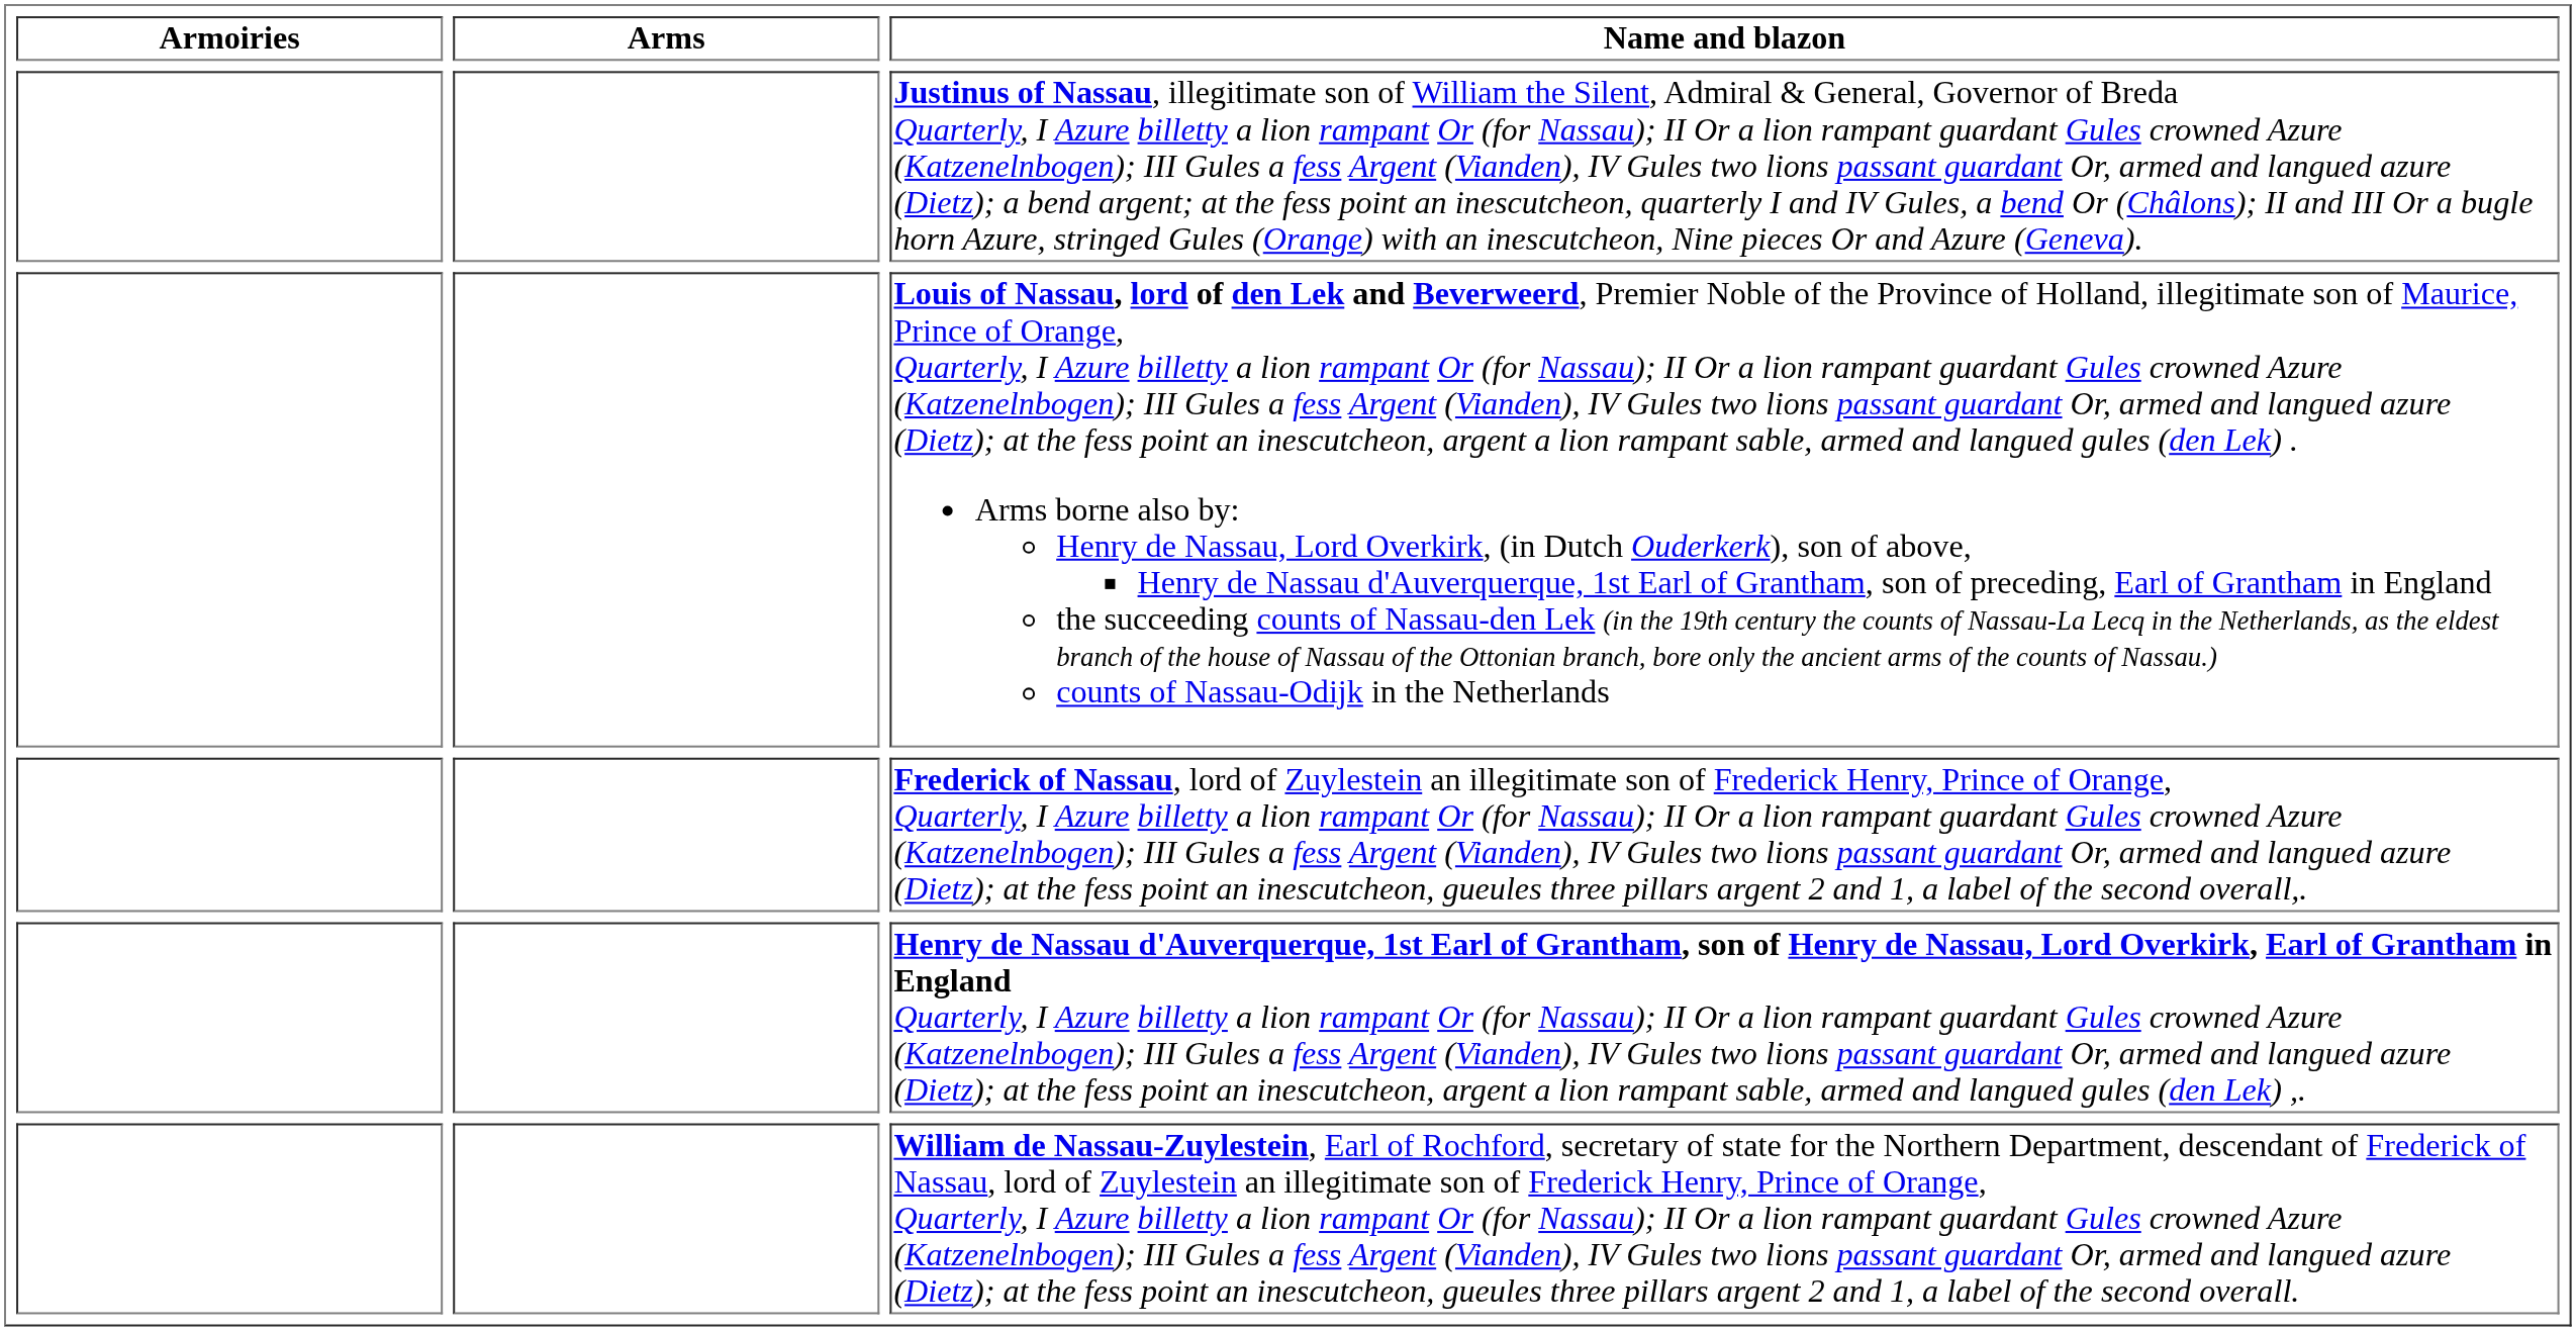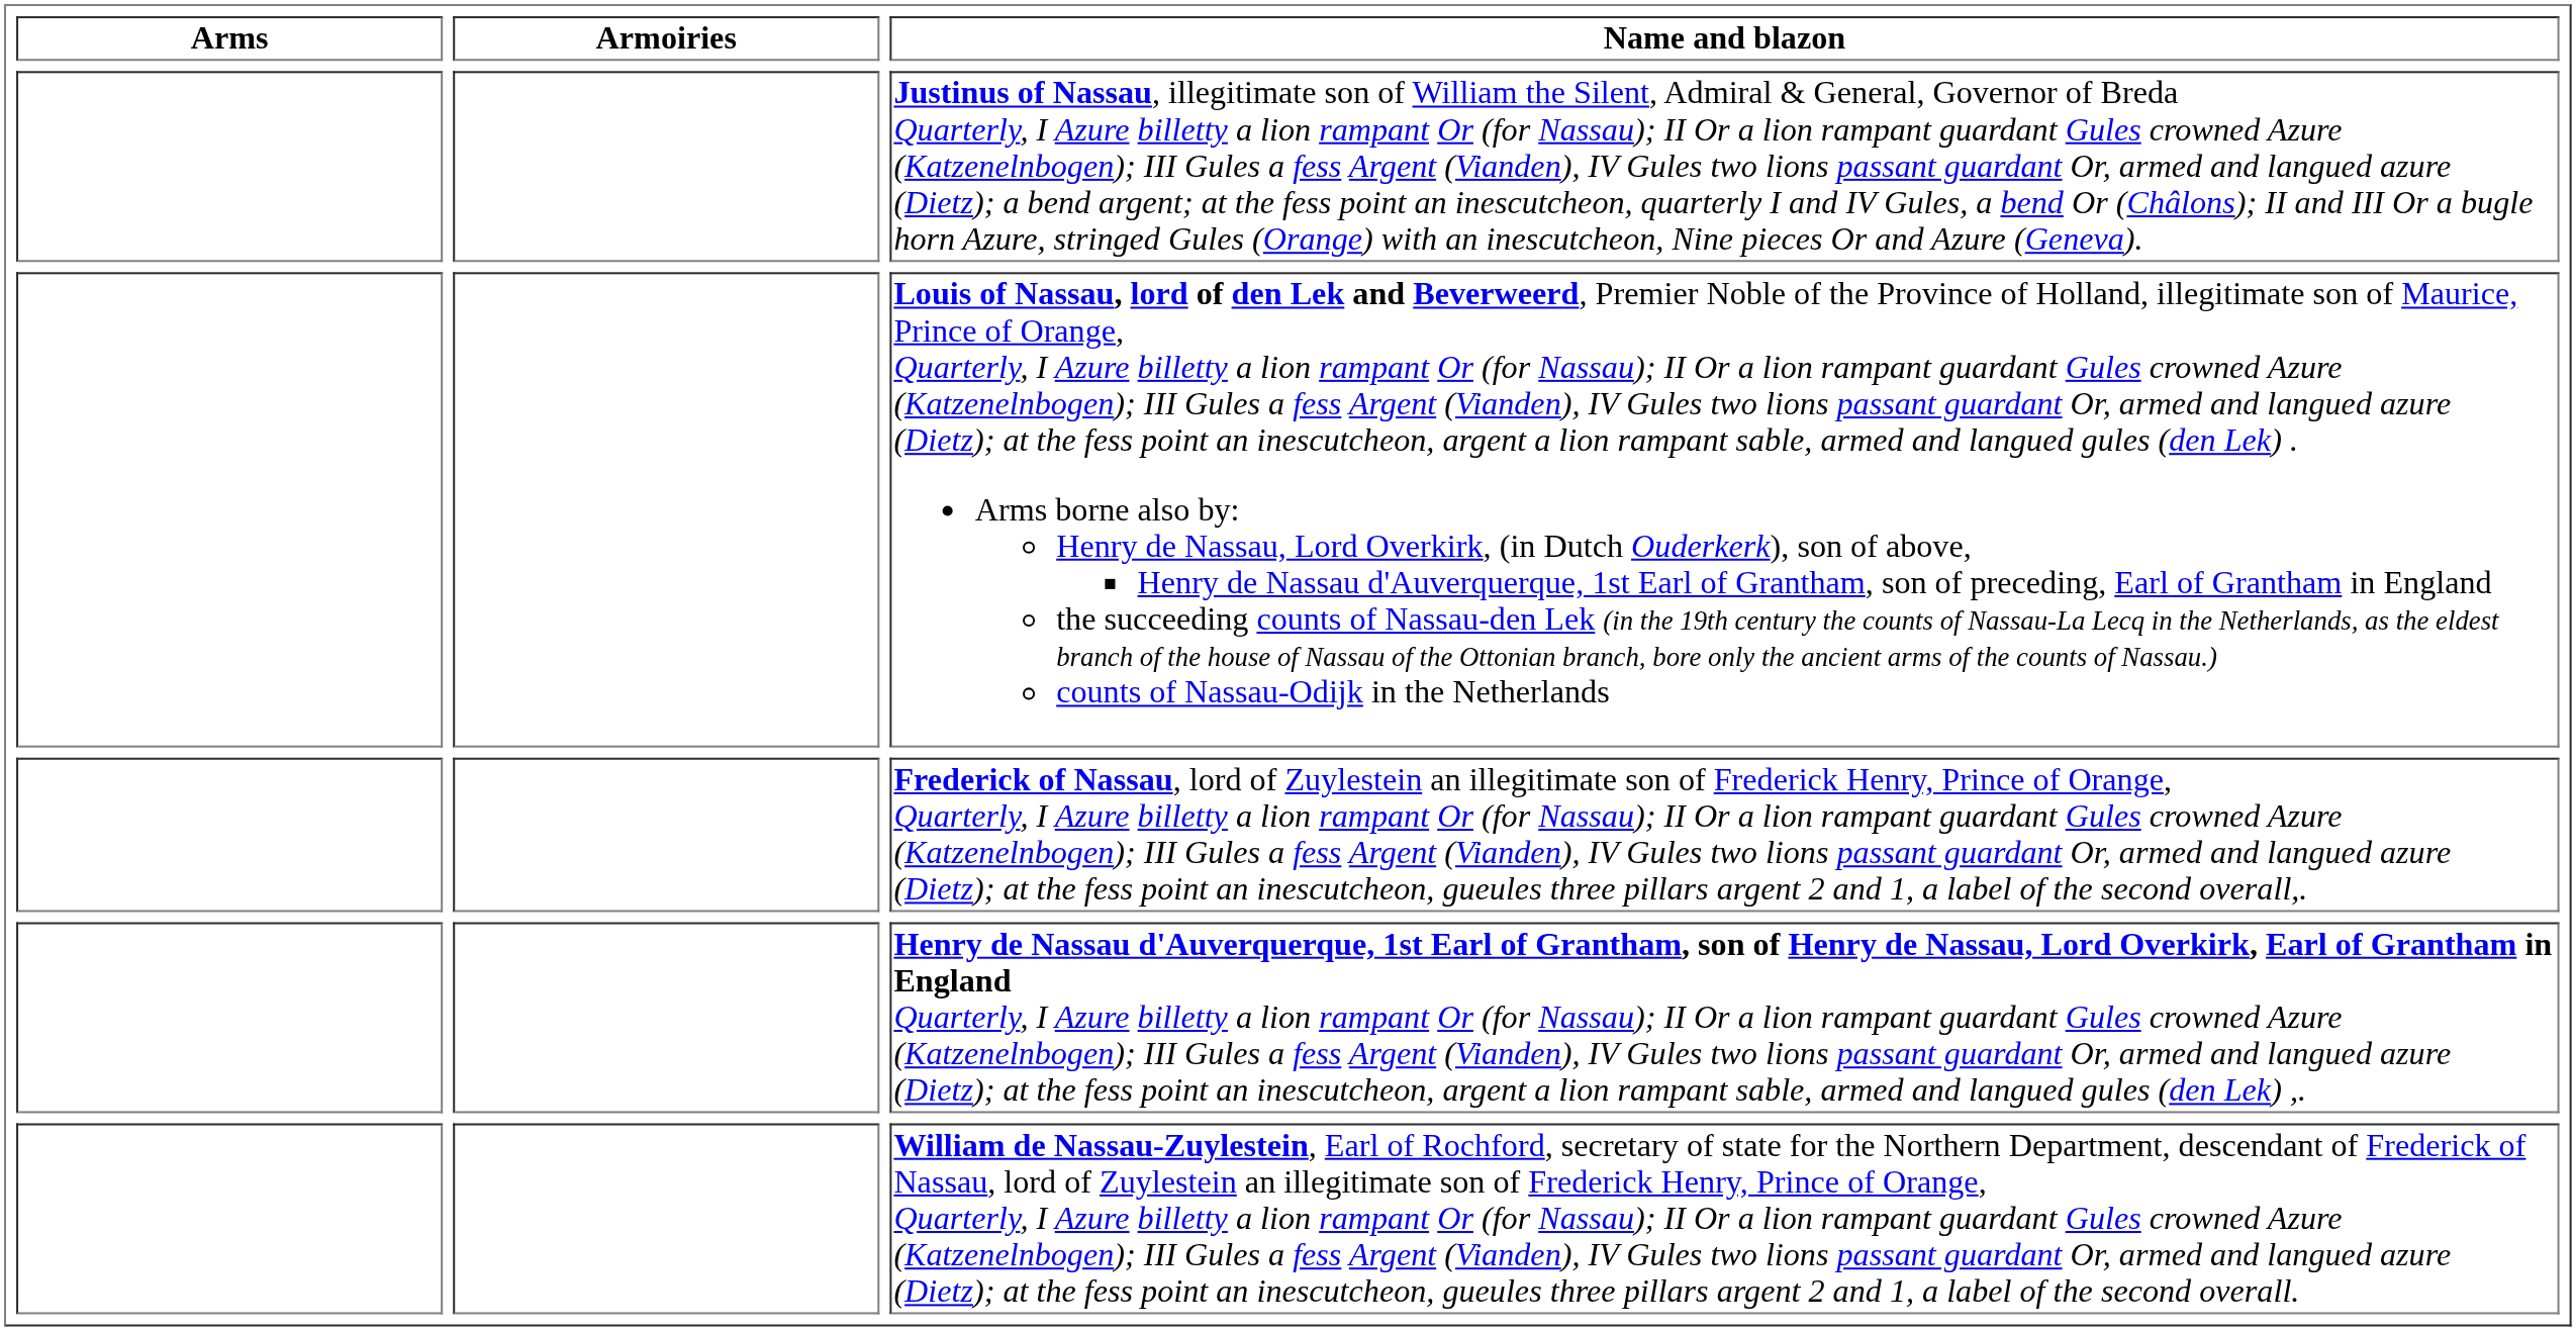 <table border=1 cellspacing=5 width="100%">
 <tr valign=top align=center>
+<td width="206"><strong>Arms</strong></td>
 <td width="206"><strong>Armoiries</strong></td>
-<td width="206"><strong>Arms</strong></td>
 <td><strong>Name and blazon</strong></td>
 </tr>
 <tr valign=top>
+<td align=center><br><br><br> </td>
 <td align=center><br><br></td>
-<td align=center><br><br><br> </td>
 <td><strong><a href='#'>Justinus of Nassau</a></strong>, illegitimate son of <a href='#'>William the Silent</a>, Admiral & General, Governor of Breda<br><em><a href='#'>Quarterly</a>, I <a href='#'>Azure</a> <a href='#'>billetty</a> a lion <a href='#'>rampant</a> <a href='#'>Or</a> (for <a href='#'>Nassau</a>); II Or a lion rampant guardant <a href='#'>Gules</a> crowned Azure (<a href='#'>Katzenelnbogen</a>); III Gules a <a href='#'>fess</a> <a href='#'>Argent</a> (<a href='#'>Vianden</a>), IV Gules two lions <a href='#'>passant guardant</a> Or, armed and langued azure (<a href='#'>Dietz</a>); a bend argent; at the fess point an inescutcheon, quarterly I and IV Gules, a <a href='#'>bend</a> Or (<a href='#'>Châlons</a>); II and III Or a bugle horn Azure, stringed Gules (<a href='#'>Orange</a>) with an inescutcheon, Nine pieces Or and Azure (<a href='#'>Geneva</a>).</em></td>
 </tr>
 <tr valign=top>
+<td align=center><br><br> </td>
 <td align=center><br><br><br></td>
-<td align=center><br><br> </td>
 <td><strong><a href='#'>Louis of Nassau</a>, <a href='#'>lord</a> of <a href='#'>den Lek</a> and <a href='#'>Beverweerd</a></strong>, Premier Noble of the Province of Holland, illegitimate son of <a href='#'>Maurice, Prince of Orange</a>,<br><em><a href='#'>Quarterly</a>, I <a href='#'>Azure</a> <a href='#'>billetty</a> a lion <a href='#'>rampant</a> <a href='#'>Or</a> (for <a href='#'>Nassau</a>); II Or a lion rampant guardant <a href='#'>Gules</a> crowned Azure (<a href='#'>Katzenelnbogen</a>); III Gules a <a href='#'>fess</a> <a href='#'>Argent</a> (<a href='#'>Vianden</a>), IV Gules two lions <a href='#'>passant guardant</a> Or, armed and langued azure (<a href='#'>Dietz</a>); at the fess point an inescutcheon, argent a lion rampant sable, armed and langued gules (<a href='#'>den Lek</a>) .</em><ul><li>Arms borne also by:<ul><li><a href='#'>Henry de Nassau, Lord Overkirk</a>, (in Dutch <em><a href='#'>Ouderkerk</a></em>), son of above,<ul><li><a href='#'>Henry de Nassau d'Auverquerque, 1st Earl of Grantham</a>, son of preceding, <a href='#'>Earl of Grantham</a> in England</li></ul></li><li>the succeeding <a href='#'>counts of Nassau-den Lek</a> <em><small>(in the 19th century the counts of Nassau-La Lecq in the Netherlands, as the eldest branch of the house of Nassau of the Ottonian branch, bore only the ancient arms of the counts of Nassau.)</small></em></li><li><a href='#'>counts of Nassau-Odijk</a> in the Netherlands</li></ul></li></ul></td>
 </tr>
 <tr valign=top>
+<td align=center><br><br></td>
 <td align=center><br> </td>
-<td align=center><br><br></td>
 <td><strong><a href='#'>Frederick of Nassau</a></strong>, lord of <a href='#'>Zuylestein</a> an illegitimate son of <a href='#'>Frederick Henry, Prince of Orange</a>,<br><em><a href='#'>Quarterly</a>, I <a href='#'>Azure</a> <a href='#'>billetty</a> a lion <a href='#'>rampant</a> <a href='#'>Or</a> (for <a href='#'>Nassau</a>); II Or a lion rampant guardant <a href='#'>Gules</a> crowned Azure (<a href='#'>Katzenelnbogen</a>); III Gules a <a href='#'>fess</a> <a href='#'>Argent</a> (<a href='#'>Vianden</a>), IV Gules two lions <a href='#'>passant guardant</a> Or, armed and langued azure (<a href='#'>Dietz</a>); at the fess point an inescutcheon, gueules three pillars argent 2 and 1, a label of the second overall,.</em>  </td>
 </tr>
 <tr valign=top>
+<td align=center><br><br> </td>
 <td align=center><br><br></td>
-<td align=center><br><br> </td>
 <td><strong><a href='#'>Henry de Nassau d'Auverquerque, 1st Earl of Grantham</a>, son of <a href='#'>Henry de Nassau, Lord Overkirk</a>, <a href='#'>Earl of Grantham</a> in England</strong><br><em><a href='#'>Quarterly</a>, I <a href='#'>Azure</a> <a href='#'>billetty</a> a lion <a href='#'>rampant</a> <a href='#'>Or</a> (for <a href='#'>Nassau</a>); II Or a lion rampant guardant <a href='#'>Gules</a> crowned Azure (<a href='#'>Katzenelnbogen</a>); III Gules a <a href='#'>fess</a> <a href='#'>Argent</a> (<a href='#'>Vianden</a>), IV Gules two lions <a href='#'>passant guardant</a> Or, armed and langued azure (<a href='#'>Dietz</a>); at the fess point an inescutcheon, argent a lion rampant sable, armed and langued gules (<a href='#'>den Lek</a>) ,.</em></td>
 </tr>
 <tr valign=top>
+<td align=center><br><br></td>
 <td align=center><br> </td>
-<td align=center><br><br></td>
 <td><strong><a href='#'>William de Nassau-Zuylestein</a></strong>, <a href='#'>Earl of Rochford</a>, secretary of state for the Northern Department, descendant of <a href='#'>Frederick of Nassau</a>, lord of <a href='#'>Zuylestein</a> an illegitimate son of <a href='#'>Frederick Henry, Prince of Orange</a>,<br><em><a href='#'>Quarterly</a>, I <a href='#'>Azure</a> <a href='#'>billetty</a> a lion <a href='#'>rampant</a> <a href='#'>Or</a> (for <a href='#'>Nassau</a>); II Or a lion rampant guardant <a href='#'>Gules</a> crowned Azure (<a href='#'>Katzenelnbogen</a>); III Gules a <a href='#'>fess</a> <a href='#'>Argent</a> (<a href='#'>Vianden</a>), IV Gules two lions <a href='#'>passant guardant</a> Or, armed and langued azure (<a href='#'>Dietz</a>); at the fess point an inescutcheon, gueules three pillars argent 2 and 1, a label of the second overall.</em>  </td>
 </tr>
 </table>
